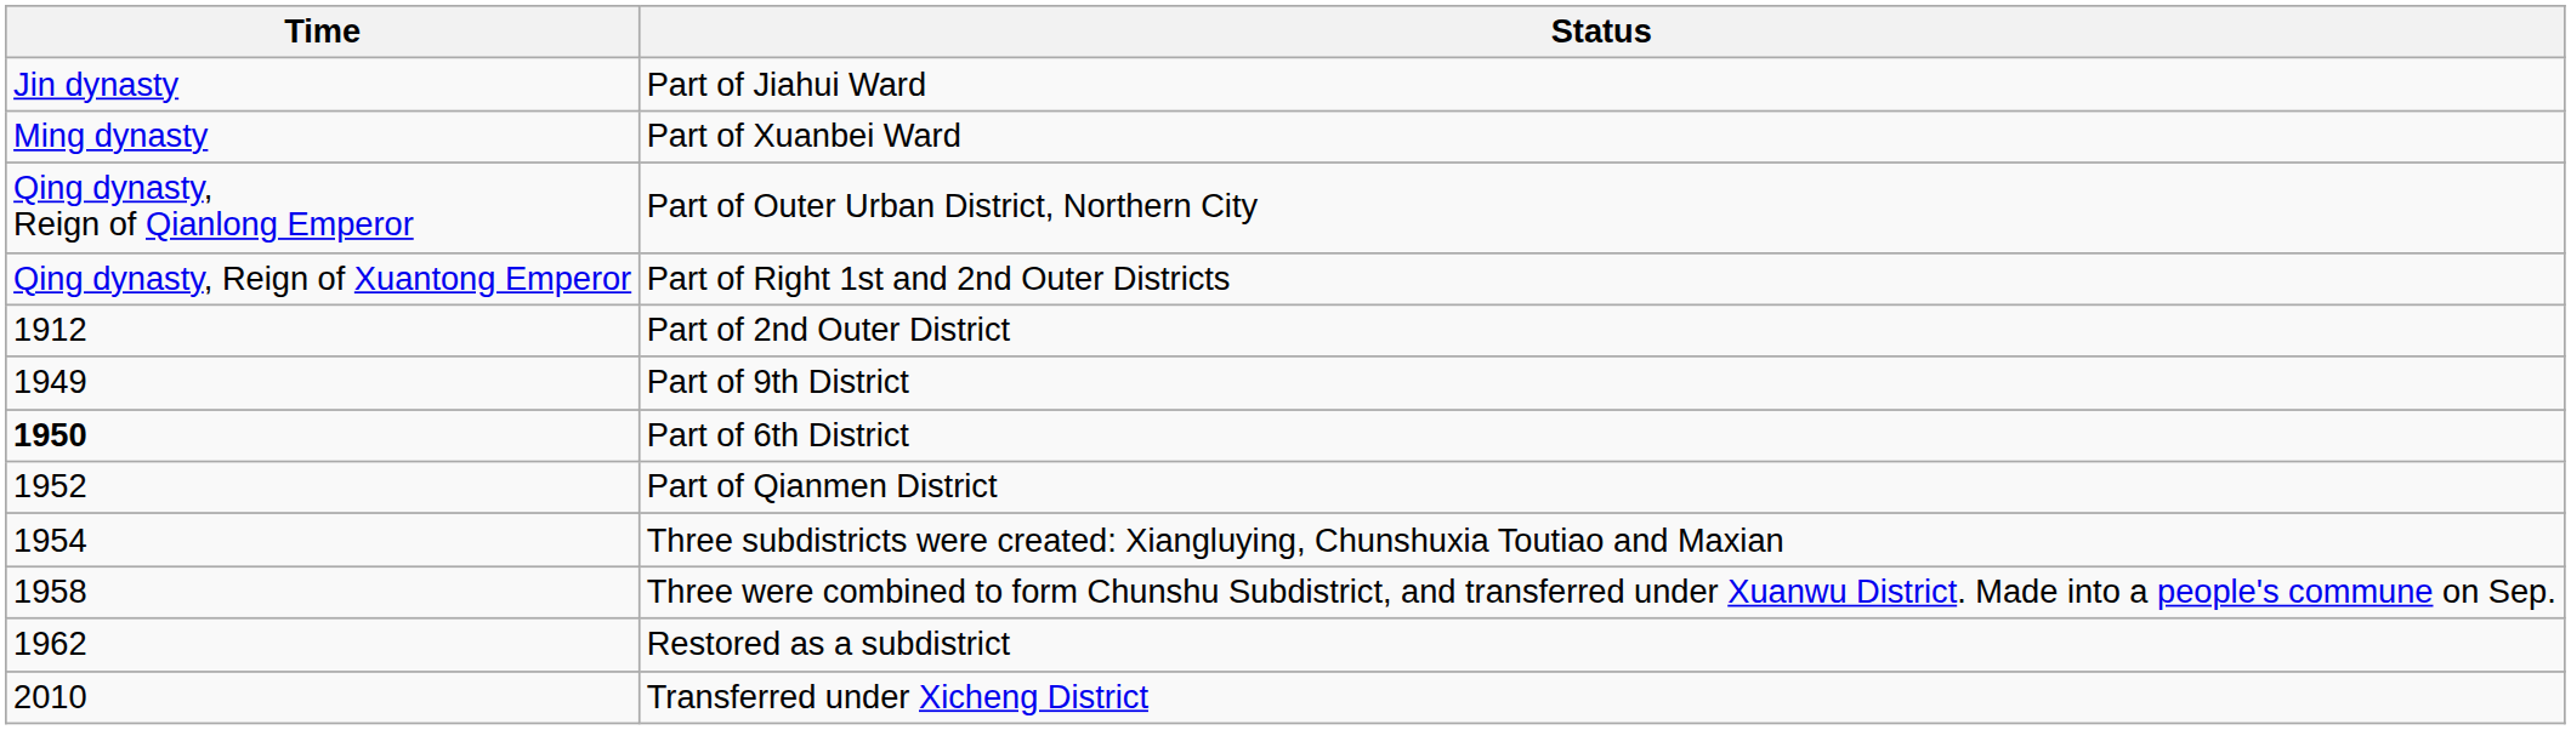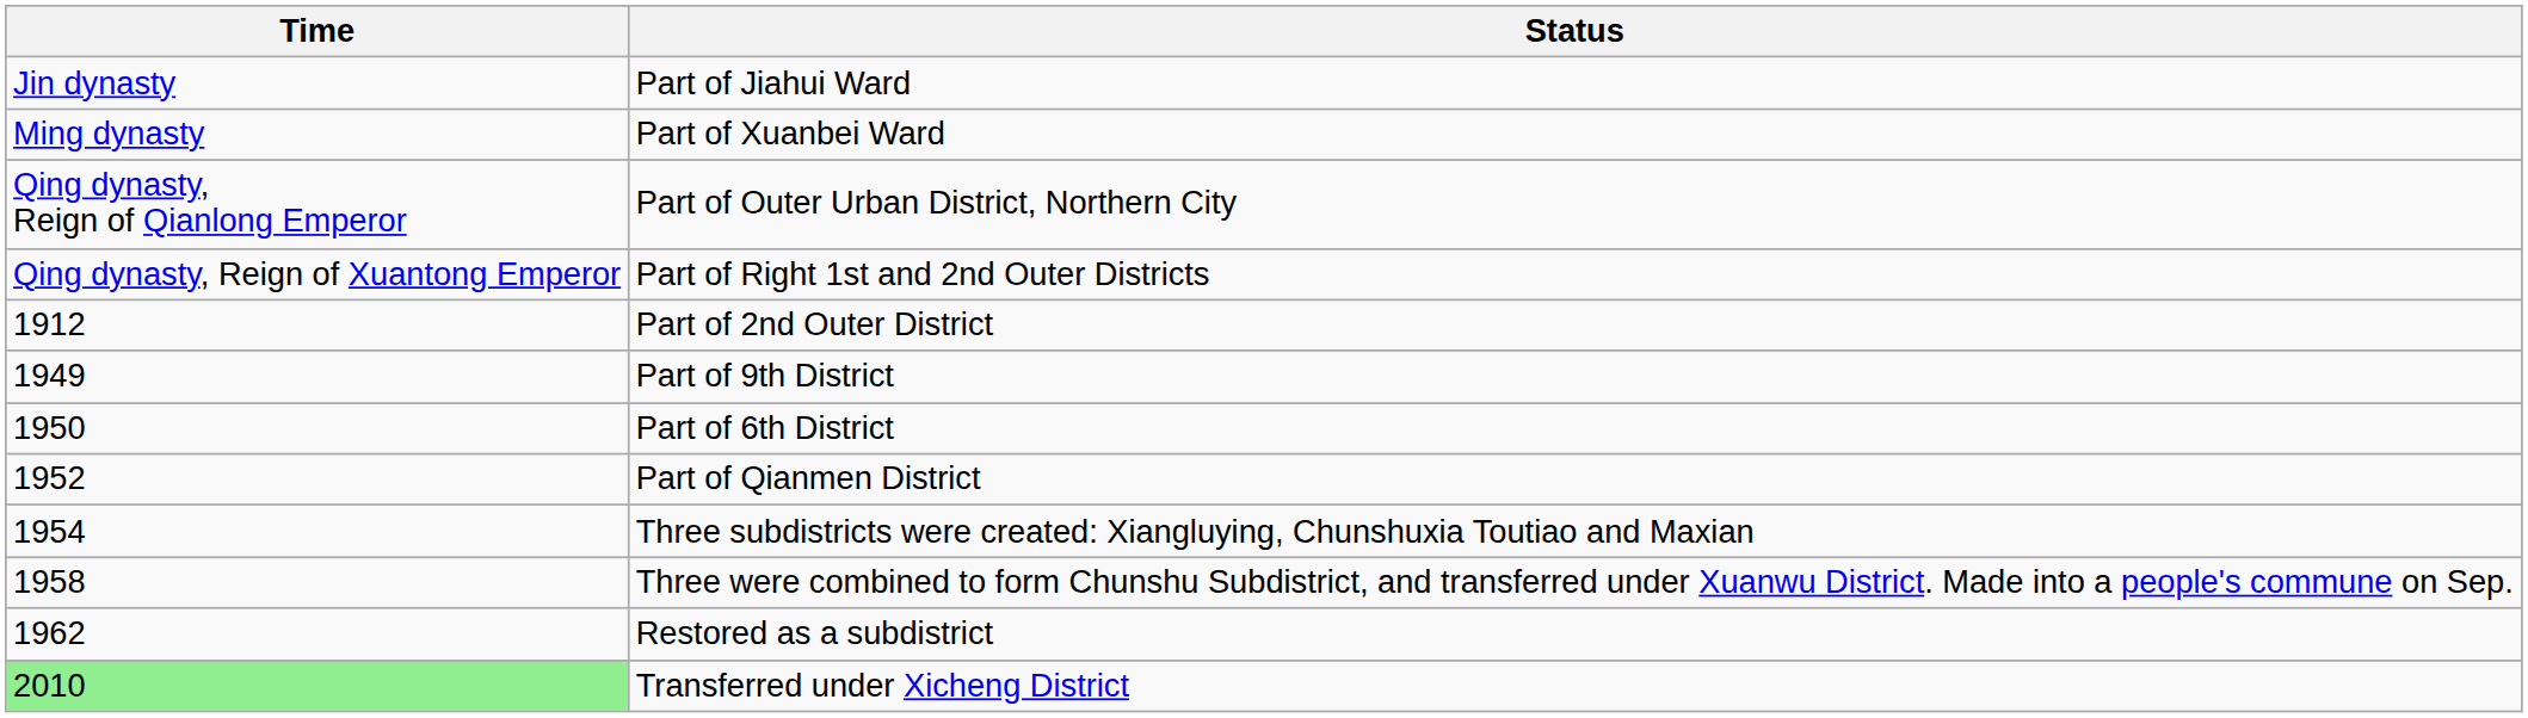 <table class="wikitable">
 <tr>
 <th>Time</th>
 <th>Status</th>
 </tr>
 <tr>
 <td><a href='#'>Jin dynasty</a></td>
 <td>Part of Jiahui Ward</td>
 </tr>
 <tr>
 <td><a href='#'>Ming dynasty</a></td>
 <td>Part of Xuanbei Ward</td>
 </tr>
 <tr>
 <td><a href='#'>Qing dynasty</a>,<br>Reign of <a href='#'>Qianlong Emperor</a></td>
 <td>Part of Outer Urban District, Northern City</td>
 </tr>
 <tr>
 <td><a href='#'>Qing dynasty</a>, Reign of <a href='#'>Xuantong Emperor</a></td>
 <td>Part of Right 1st and 2nd Outer Districts</td>
 </tr>
 <tr>
 <td>1912</td>
 <td>Part of 2nd Outer District</td>
 </tr>
 <tr>
 <td>1949</td>
 <td>Part of 9th District</td>
 </tr>
 <tr>
-<td><strong>1950</strong></td>
+<td>1950</td>
 <td>Part of 6th District</td>
 </tr>
 <tr>
 <td>1952</td>
 <td>Part of Qianmen District</td>
 </tr>
 <tr>
 <td>1954</td>
 <td>Three subdistricts were created: Xiangluying, Chunshuxia Toutiao and Maxian</td>
 </tr>
 <tr>
 <td>1958</td>
 <td>Three were combined to form Chunshu Subdistrict, and transferred under <a href='#'>Xuanwu District</a>. Made into a <a href='#'>people's commune</a> on Sep.</td>
 </tr>
 <tr>
 <td>1962</td>
 <td>Restored as a subdistrict</td>
 </tr>
 <tr>
-<td>2010</td>
+<td style="background: lightgreen;">2010</td>
 <td>Transferred under <a href='#'>Xicheng District</a></td>
 </tr>
 </table>
